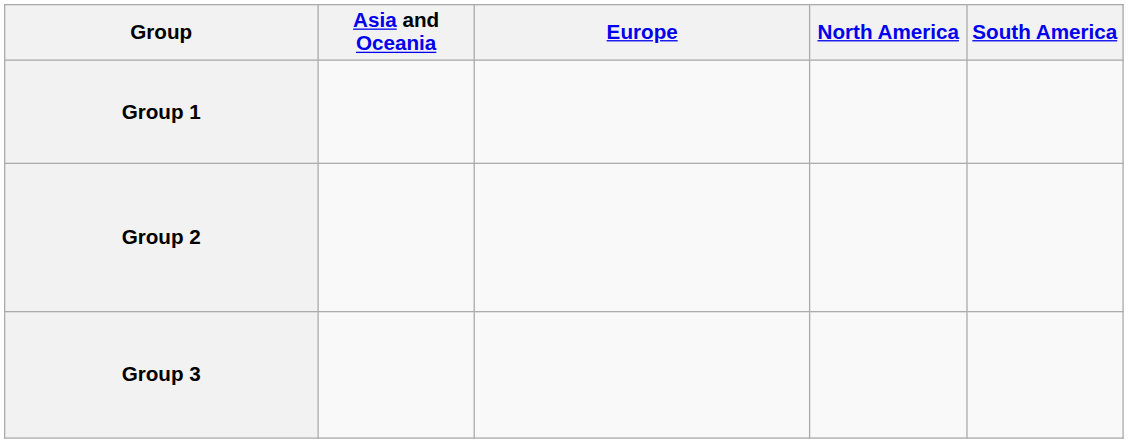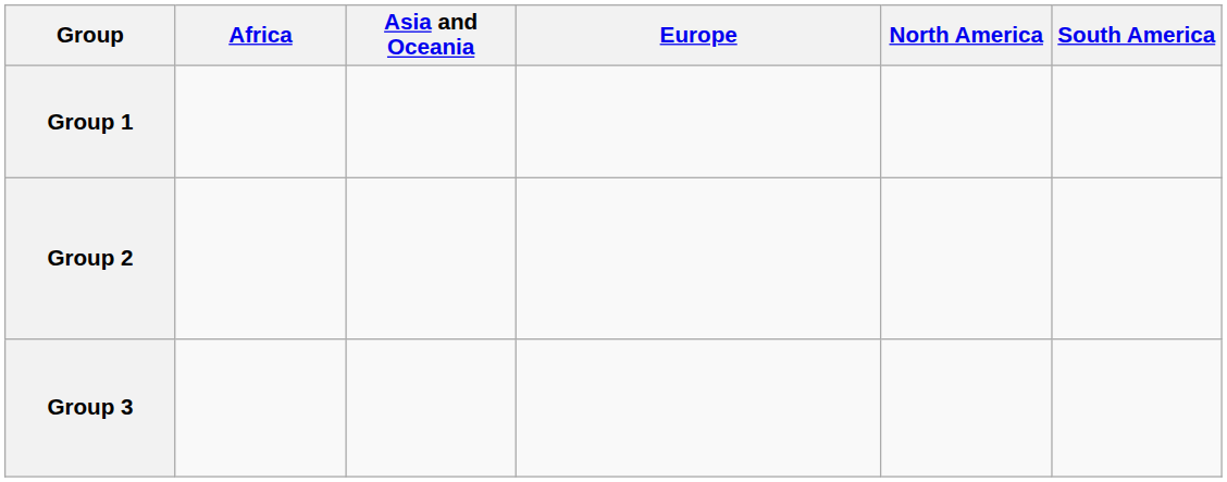 <table class="wikitable">
 <tr>
 <th>Group</th>
+<th width=14%><a href='#'>Africa</a></th>
 <th width=14%><a href='#'>Asia</a> and <a href='#'>Oceania</a></th>
 <th width=30%><a href='#'>Europe</a></th>
 <th width=14%><a href='#'>North America</a></th>
 <th width=14%><a href='#'>South America</a></th>
 </tr>
 <tr>
 <th>Group 1</th>
+<td></td>
 <td><br></td>
 <td><br><br> <br> <br> </td>
 <td></td>
 <td></td>
 </tr>
 <tr>
 <th>Group 2</th>
+<td></td>
 <td><br></td>
 <td><br>  <br> <br> <br>   <br> <br>  </td>
 <td><br></td>
 <td></td>
 </tr>
 <tr>
 <th>Group 3</th>
+<td><br><br> </td>
 <td><br><br> <br></td>
 <td><br><br> <br> <br> <br> </td>
 <td><br></td>
 <td></td>
 </tr>
 </table>
